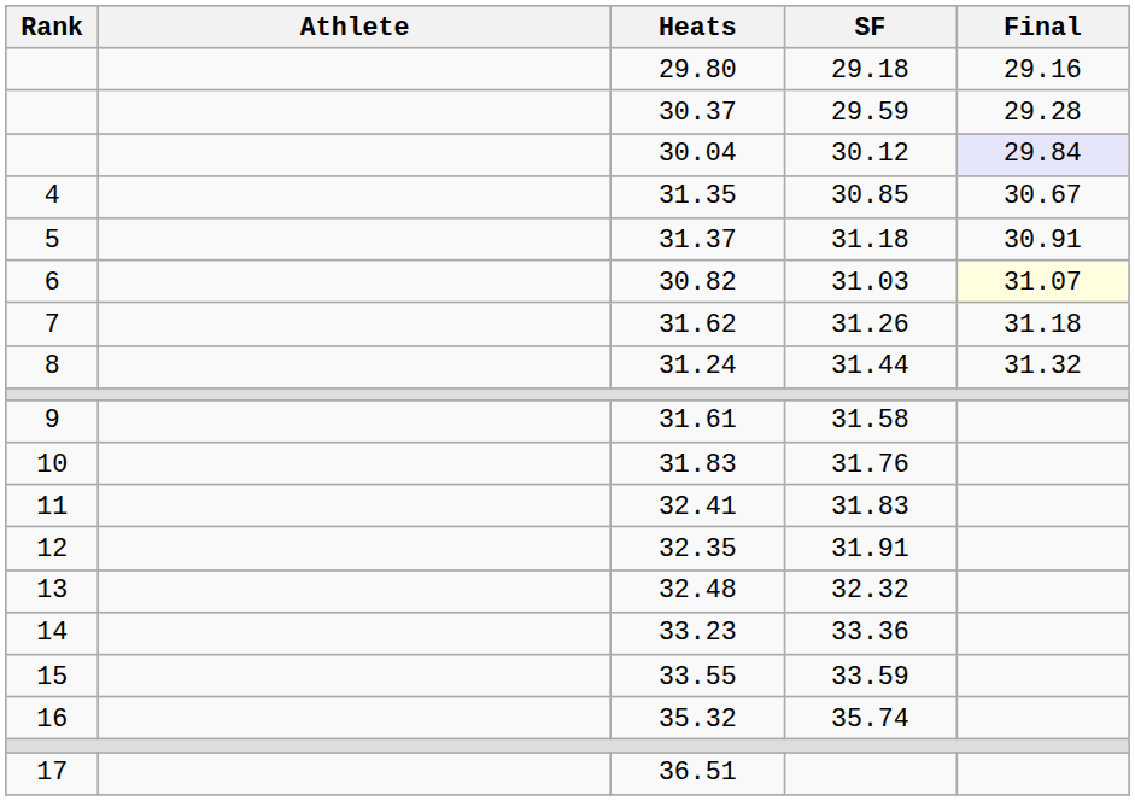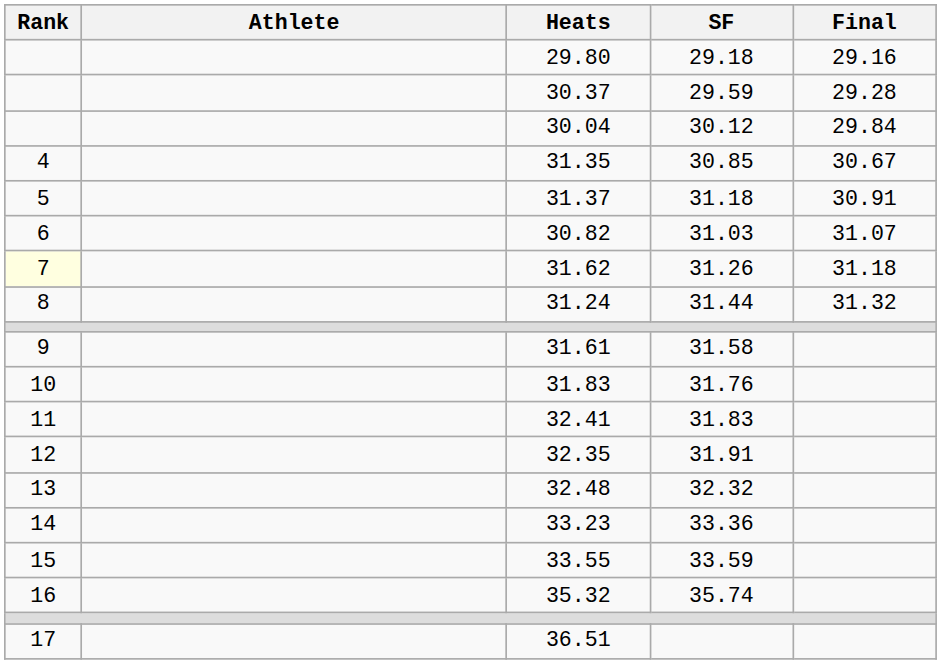 <table class=wikitable style="text-align:center">
 <tr>
 <th width=40>Rank</th>
 <th width=250>Athlete</th>
 <th width=80>Heats</th>
 <th width=80>SF</th>
 <th width=80>Final</th>
 </tr>
 <tr>
 <td></td>
 <td align=left></td>
 <td>29.80</td>
 <td>29.18</td>
 <td>29.16</td>
 </tr>
 <tr>
 <td></td>
 <td align=left></td>
 <td>30.37</td>
 <td>29.59</td>
 <td>29.28</td>
 </tr>
 <tr>
 <td></td>
 <td align=left></td>
 <td>30.04</td>
 <td>30.12</td>
-<td style="background: lavender;">29.84</td>
+<td>29.84</td>
 </tr>
 <tr>
 <td>4</td>
 <td align=left></td>
 <td>31.35</td>
 <td>30.85</td>
 <td>30.67</td>
 </tr>
 <tr>
 <td>5</td>
 <td align=left></td>
 <td>31.37</td>
 <td>31.18</td>
 <td>30.91</td>
 </tr>
 <tr>
 <td>6</td>
 <td align=left></td>
 <td>30.82</td>
 <td>31.03</td>
-<td style="background: lightyellow;">31.07</td>
+<td>31.07</td>
 </tr>
 <tr>
-<td>7</td>
+<td style="background: lightyellow;">7</td>
 <td align=left></td>
 <td>31.62</td>
 <td>31.26</td>
 <td>31.18</td>
 </tr>
 <tr>
 <td>8</td>
 <td align=left></td>
 <td>31.24</td>
 <td>31.44</td>
 <td>31.32</td>
 </tr>
 <tr bgcolor=#DDDDDD>
 <td colspan=5></td>
 </tr>
 <tr>
 <td>9</td>
 <td align=left></td>
 <td>31.61</td>
 <td>31.58</td>
 <td></td>
 </tr>
 <tr>
 <td>10</td>
 <td align=left></td>
 <td>31.83</td>
 <td>31.76</td>
 <td></td>
 </tr>
 <tr>
 <td>11</td>
 <td align=left></td>
 <td>32.41</td>
 <td>31.83</td>
 <td></td>
 </tr>
 <tr>
 <td>12</td>
 <td align=left></td>
 <td>32.35</td>
 <td>31.91</td>
 <td></td>
 </tr>
 <tr>
 <td>13</td>
 <td align=left></td>
 <td>32.48</td>
 <td>32.32</td>
 <td></td>
 </tr>
 <tr>
 <td>14</td>
 <td align=left></td>
 <td>33.23</td>
 <td>33.36</td>
 <td></td>
 </tr>
 <tr>
 <td>15</td>
 <td align=left></td>
 <td>33.55</td>
 <td>33.59</td>
 <td></td>
 </tr>
 <tr>
 <td>16</td>
 <td align=left></td>
 <td>35.32</td>
 <td>35.74</td>
 <td></td>
 </tr>
 <tr bgcolor=#DDDDDD>
 <td colspan=5></td>
 </tr>
 <tr>
 <td>17</td>
 <td align=left></td>
 <td>36.51</td>
 <td></td>
 <td></td>
 </tr>
 </table>
